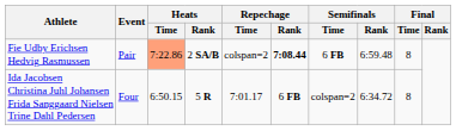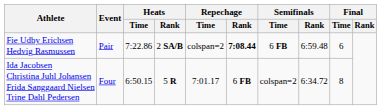 <table class="wikitable" style="font-size:90%">
 <tr>
 <th rowspan="2">Athlete</th>
 <th rowspan="2">Event</th>
 <th colspan="2">Heats</th>
 <th colspan="2">Repechage</th>
 <th colspan="2">Semifinals</th>
 <th colspan="2">Final</th>
 </tr>
 <tr style="font-size:95%">
 <th>Time</th>
 <th>Rank</th>
 <th>Time</th>
 <th>Rank</th>
 <th>Time</th>
 <th>Rank</th>
 <th>Time</th>
 <th>Rank</th>
 </tr>
 <tr align=center>
 <td align=left><a href='#'>Fie Udby Erichsen</a><br><a href='#'>Hedvig Rasmussen</a></td>
 <td align=left><a href='#'>Pair</a></td>
-<td style="background: lightsalmon;">7:22.86</td>
+<td>7:22.86</td>
 <td>2 <strong>SA/B</strong></td>
 <td>colspan=2 </td>
 <td><strong>7:08.44</strong></td>
 <td>6 <strong>FB</strong></td>
 <td>6:59.48</td>
-<td>8</td>
+<td>6</td>
 </tr>
 <tr align=center>
 <td align=left><a href='#'>Ida Jacobsen</a><br><a href='#'>Christina Juhl Johansen</a><br><a href='#'>Frida Sanggaard Nielsen</a><br><a href='#'>Trine Dahl Pedersen</a></td>
 <td align=left><a href='#'>Four</a></td>
 <td>6:50.15</td>
 <td>5 <strong>R</strong></td>
 <td>7:01.17</td>
 <td>6 <strong>FB</strong></td>
 <td>colspan=2 </td>
 <td>6:34.72</td>
 <td>8</td>
 </tr>
 </table>
